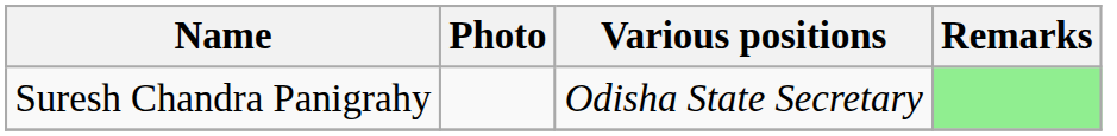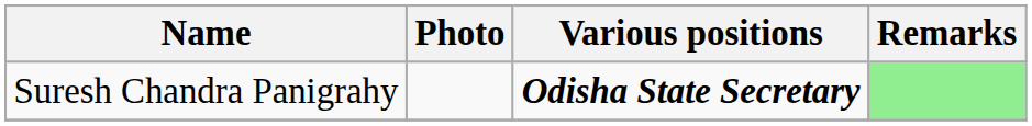 <table class="wikitable sortable" style="text-align:center">
 <tr>
 <th Style="background-color:">Name</th>
 <th Style="background-color:">Photo</th>
 <th Style="background-color:">Various positions</th>
 <th Style="background-color:">Remarks</th>
 </tr>
 <tr>
 <td>Suresh Chandra Panigrahy</td>
 <td></td>
-<td><em>Odisha State Secretary</em></td>
+<td><strong><em>Odisha State Secretary</em></strong></td>
 <td bgcolor = LightGreen></td>
 </tr>
 <tr>
 </tr>
 </table>
